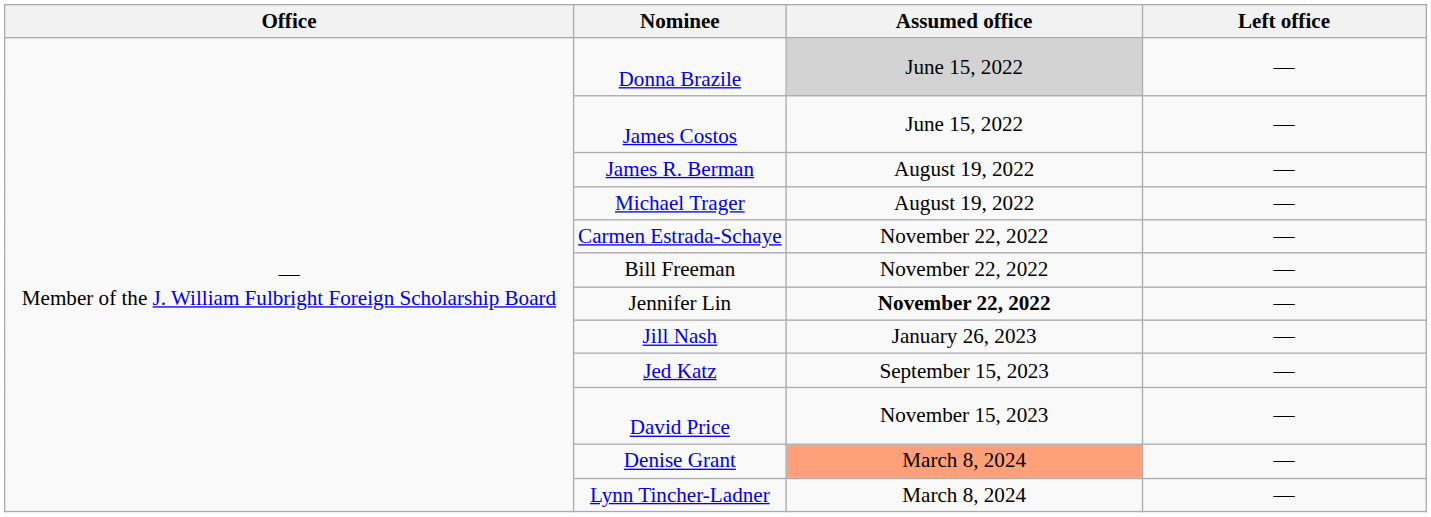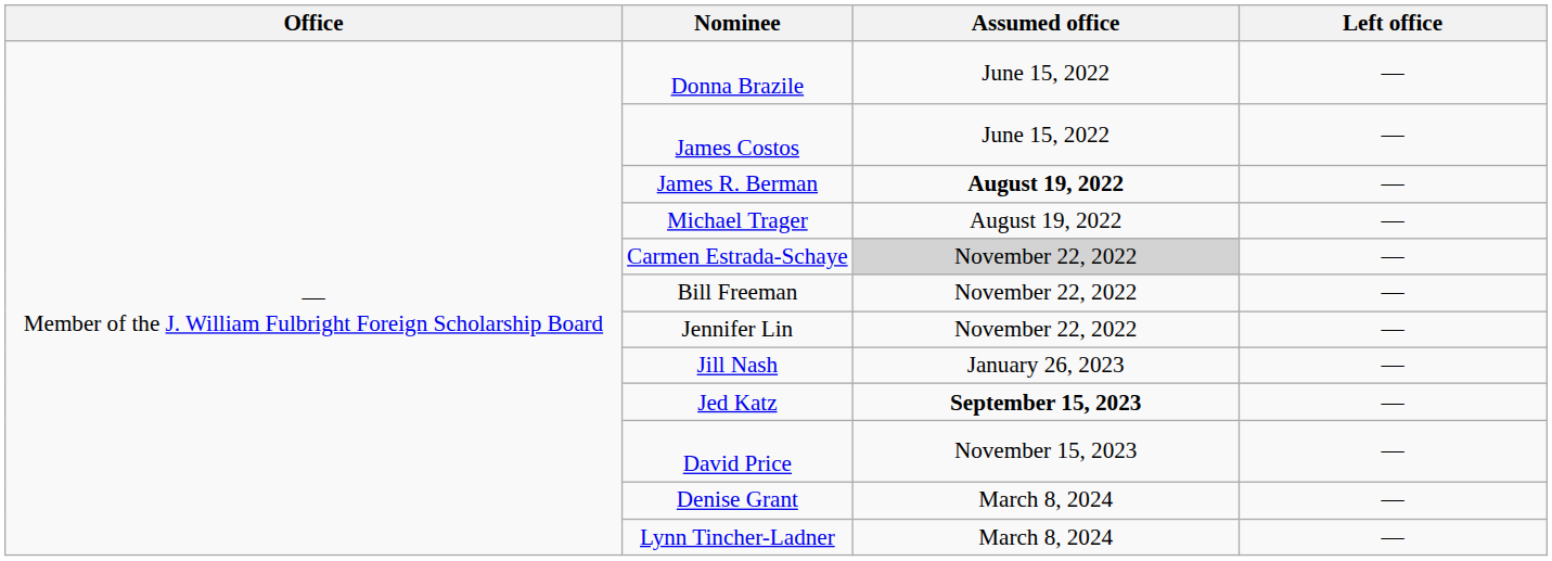 <table class="wikitable sortable" style="text-align:center">
 <tr>
 <th style="width:40%;">Office</th>
 <th style="width:15%;">Nominee</th>
 <th style="width:25%;" data-sort-type="date">Assumed office</th>
 <th style="width:20%;" data-sort-type="date">Left office</th>
 </tr>
 <tr>
 <td rowspan=12><br>—<br>Member of the <a href='#'>J. William Fulbright Foreign Scholarship Board</a></td>
 <td><br><a href='#'>Donna Brazile</a></td>
-<td style="background: lightgrey;">June 15, 2022</td>
+<td>June 15, 2022</td>
 <td>—</td>
 </tr>
 <tr>
 <td><br><a href='#'>James Costos</a></td>
 <td>June 15, 2022</td>
 <td>—</td>
 </tr>
 <tr>
 <td><a href='#'>James R. Berman</a></td>
-<td>August 19, 2022</td>
+<td><strong>August 19, 2022</strong></td>
 <td>—</td>
 </tr>
 <tr>
 <td><a href='#'>Michael Trager</a></td>
 <td>August 19, 2022</td>
 <td>—</td>
 </tr>
 <tr>
 <td><a href='#'>Carmen Estrada-Schaye</a></td>
-<td>November 22, 2022</td>
+<td style="background: lightgrey;">November 22, 2022</td>
 <td>—</td>
 </tr>
 <tr>
 <td>Bill Freeman</td>
 <td>November 22, 2022</td>
 <td>—</td>
 </tr>
 <tr>
 <td>Jennifer Lin</td>
-<td><strong>November 22, 2022</strong></td>
+<td>November 22, 2022</td>
 <td>—</td>
 </tr>
 <tr>
 <td><a href='#'>Jill Nash</a></td>
 <td>January 26, 2023</td>
 <td>—</td>
 </tr>
 <tr>
 <td><a href='#'>Jed Katz</a></td>
-<td>September 15, 2023</td>
+<td><strong>September 15, 2023</strong></td>
 <td>—</td>
 </tr>
 <tr>
 <td><br><a href='#'>David Price</a></td>
 <td>November 15, 2023</td>
 <td>—</td>
 </tr>
 <tr>
 <td><a href='#'>Denise Grant</a></td>
-<td style="background: lightsalmon;">March 8, 2024</td>
+<td>March 8, 2024</td>
 <td>—</td>
 </tr>
 <tr>
 <td><a href='#'>Lynn Tincher-Ladner</a></td>
 <td>March 8, 2024</td>
 <td>—</td>
 </tr>
 </table>
